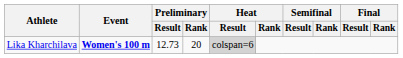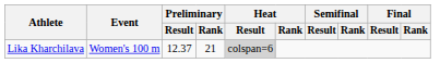 <table class="wikitable" style="font-size:90%">
 <tr>
 <th rowspan="2">Athlete</th>
 <th rowspan="2">Event</th>
 <th colspan="2">Preliminary</th>
 <th colspan="2">Heat</th>
 <th colspan="2">Semifinal</th>
 <th colspan="2">Final</th>
 </tr>
 <tr style="font-size:95%">
 <th>Result</th>
 <th>Rank</th>
 <th>Result</th>
 <th>Rank</th>
 <th>Result</th>
 <th>Rank</th>
 <th>Result</th>
 <th>Rank</th>
 </tr>
 <tr align=center>
 <td align=left><a href='#'>Lika Kharchilava</a></td>
-<td align=left><strong><a href='#'>Women's 100 m</a></strong></td>
-<td>12.73</td>
-<td>20</td>
+<td align=left><a href='#'>Women's 100 m</a></td>
+<td>12.37</td>
+<td>21</td>
 <td style="background: lightgrey;">colspan=6</td>
 </tr>
 </table>
